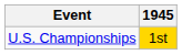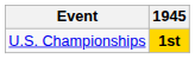 <table class="wikitable">
 <tr>
 <th>Event</th>
 <th>1945</th>
 </tr>
 <tr>
 <td><a href='#'>U.S. Championships</a></td>
-<td align="center" bgcolor="gold">1st</td>
+<td align="center" bgcolor="gold"><strong>1st</strong></td>
 </tr>
 </table>
